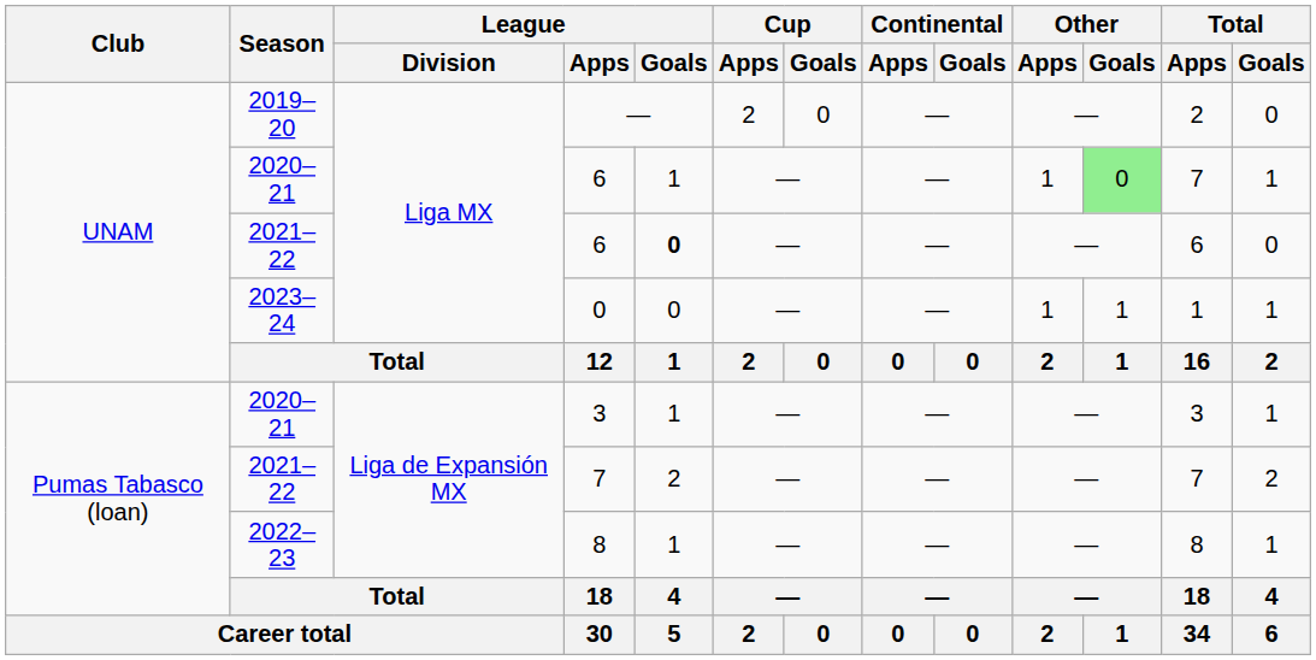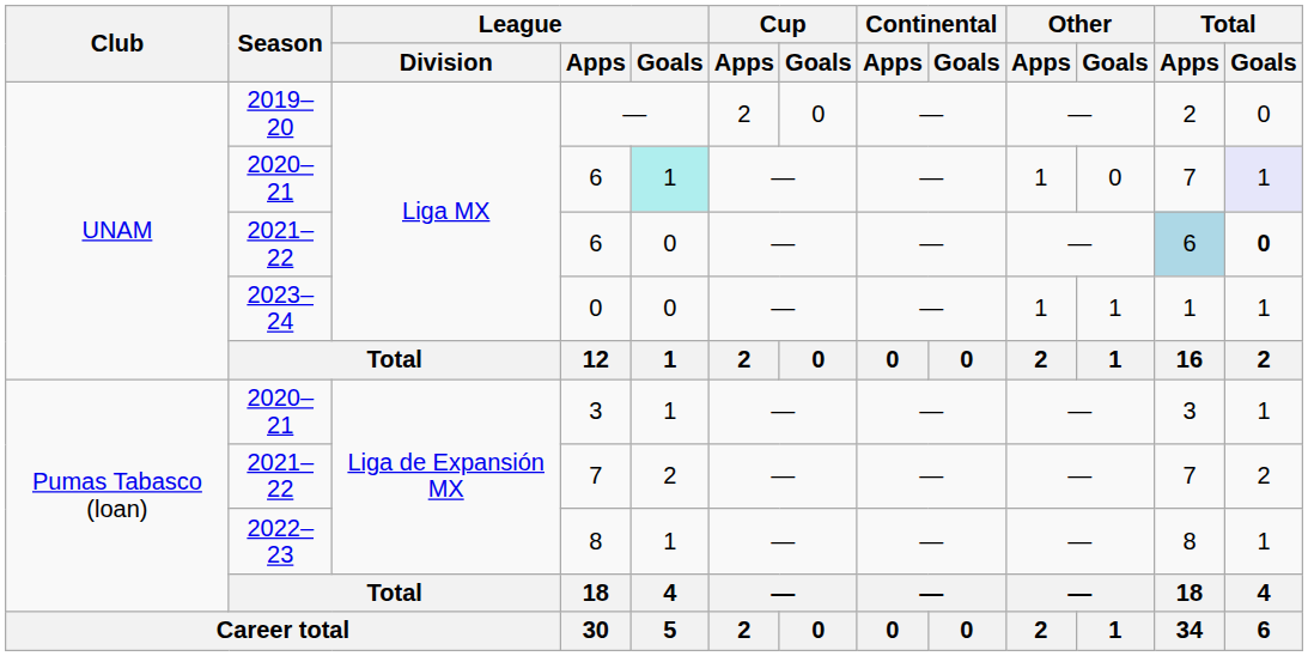 <table class="wikitable" style="text-align:center">
 <tr>
 <th rowspan="2">Club</th>
 <th rowspan="2">Season</th>
 <th colspan="3">League</th>
 <th colspan="2">Cup</th>
 <th colspan="2">Continental</th>
 <th colspan="2">Other</th>
 <th colspan="2">Total</th>
 </tr>
 <tr>
 <th>Division</th>
 <th>Apps</th>
 <th>Goals</th>
 <th>Apps</th>
 <th>Goals</th>
 <th>Apps</th>
 <th>Goals</th>
 <th>Apps</th>
 <th>Goals</th>
 <th>Apps</th>
 <th>Goals</th>
 </tr>
 <tr>
 <td rowspan="5"><a href='#'>UNAM</a></td>
 <td><a href='#'>2019–20</a></td>
 <td rowspan="4"><a href='#'>Liga MX</a></td>
 <td colspan=2>—</td>
 <td>2</td>
 <td>0</td>
 <td colspan=2>—</td>
 <td colspan=2>—</td>
 <td>2</td>
 <td>0</td>
 </tr>
 <tr>
 <td><a href='#'>2020–21</a></td>
 <td>6</td>
-<td>1</td>
+<td style="background: paleturquoise;">1</td>
 <td colspan=2>—</td>
 <td colspan=2>—</td>
 <td>1</td>
-<td style="background: lightgreen;">0</td>
+<td>0</td>
 <td>7</td>
-<td>1</td>
+<td style="background: lavender;">1</td>
 </tr>
 <tr>
 <td><a href='#'>2021–22</a></td>
 <td>6</td>
-<td><strong>0</strong></td>
+<td>0</td>
 <td colspan=2>—</td>
 <td colspan="2">—</td>
 <td colspan="2">—</td>
-<td>6</td>
-<td>0</td>
+<td style="background: lightblue;">6</td>
+<td><strong>0</strong></td>
 </tr>
 <tr>
 <td><a href='#'>2023–24</a></td>
 <td>0</td>
 <td>0</td>
 <td colspan=2>—</td>
 <td colspan="2">—</td>
 <td>1</td>
 <td>1</td>
 <td>1</td>
 <td>1</td>
 </tr>
 <tr>
 <th colspan="2">Total</th>
 <th>12</th>
 <th>1</th>
 <th>2</th>
 <th>0</th>
 <th>0</th>
 <th>0</th>
 <th>2</th>
 <th>1</th>
 <th>16</th>
 <th>2</th>
 </tr>
 <tr>
 <td rowspan="4"><a href='#'>Pumas Tabasco</a> (loan)</td>
 <td><a href='#'>2020–21</a></td>
 <td rowspan="3"><a href='#'>Liga de Expansión MX</a></td>
 <td>3</td>
 <td>1</td>
 <td colspan=2>—</td>
 <td colspan=2>—</td>
 <td colspan=2>—</td>
 <td>3</td>
 <td>1</td>
 </tr>
 <tr>
 <td><a href='#'>2021–22</a></td>
 <td>7</td>
 <td>2</td>
 <td colspan=2>—</td>
 <td colspan="2">—</td>
 <td colspan="2">—</td>
 <td>7</td>
 <td>2</td>
 </tr>
 <tr>
 <td><a href='#'>2022–23</a></td>
 <td>8</td>
 <td>1</td>
 <td colspan=2>—</td>
 <td colspan="2">—</td>
 <td colspan="2">—</td>
 <td>8</td>
 <td>1</td>
 </tr>
 <tr>
 <th colspan="2">Total</th>
 <th>18</th>
 <th>4</th>
 <th colspan="2">—</th>
 <th colspan="2">—</th>
 <th colspan="2">—</th>
 <th>18</th>
 <th>4</th>
 </tr>
 <tr>
 <th colspan="3">Career total</th>
 <th>30</th>
 <th>5</th>
 <th>2</th>
 <th>0</th>
 <th>0</th>
 <th>0</th>
 <th>2</th>
 <th>1</th>
 <th>34</th>
 <th>6</th>
 </tr>
 </table>
